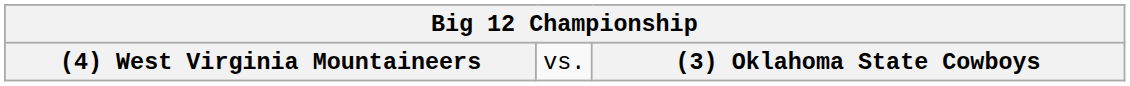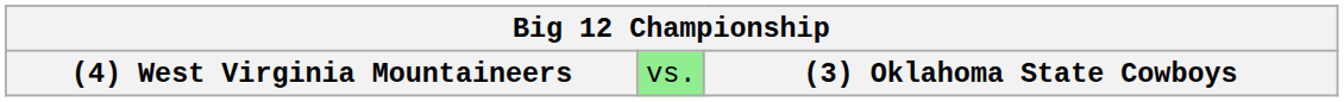 <table class="wikitable">
 <tr>
 <th style="width: 604px;" colspan=3>Big 12 Championship</th>
 </tr>
 <tr>
 <th style="width: 289px; ">(4) West Virginia Mountaineers</th>
-<td style="width: 25px; text-align:center">vs.</td>
+<td style="background: lightgreen; width: 25px; text-align:center">vs.</td>
 <th style="width: 289px; ">(3) Oklahoma State Cowboys</th>
 </tr>
 </table>
